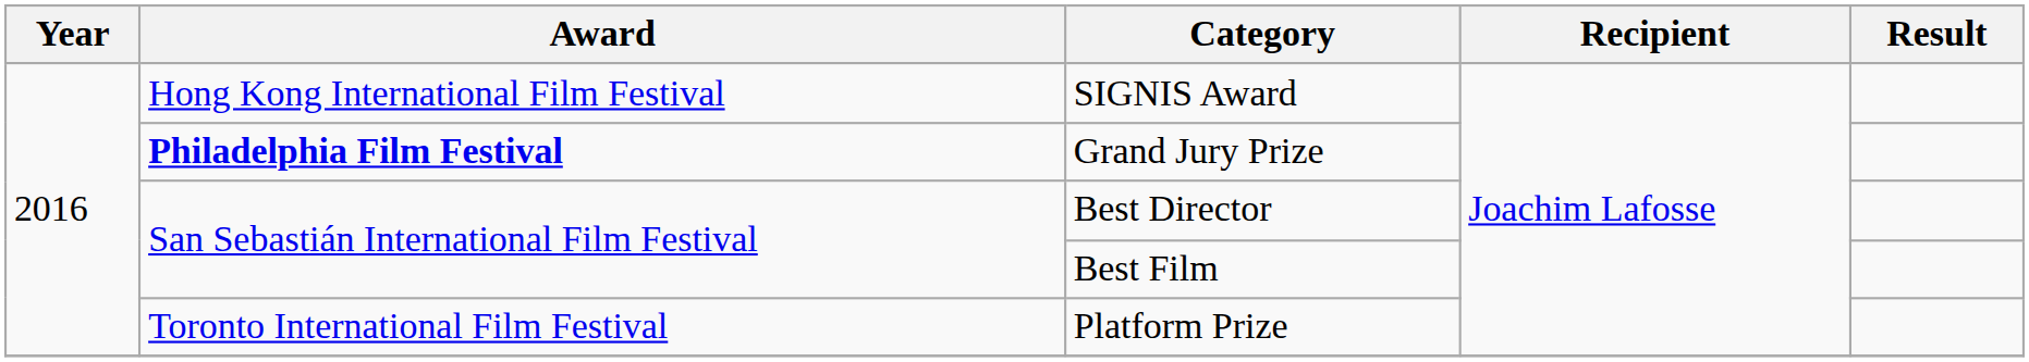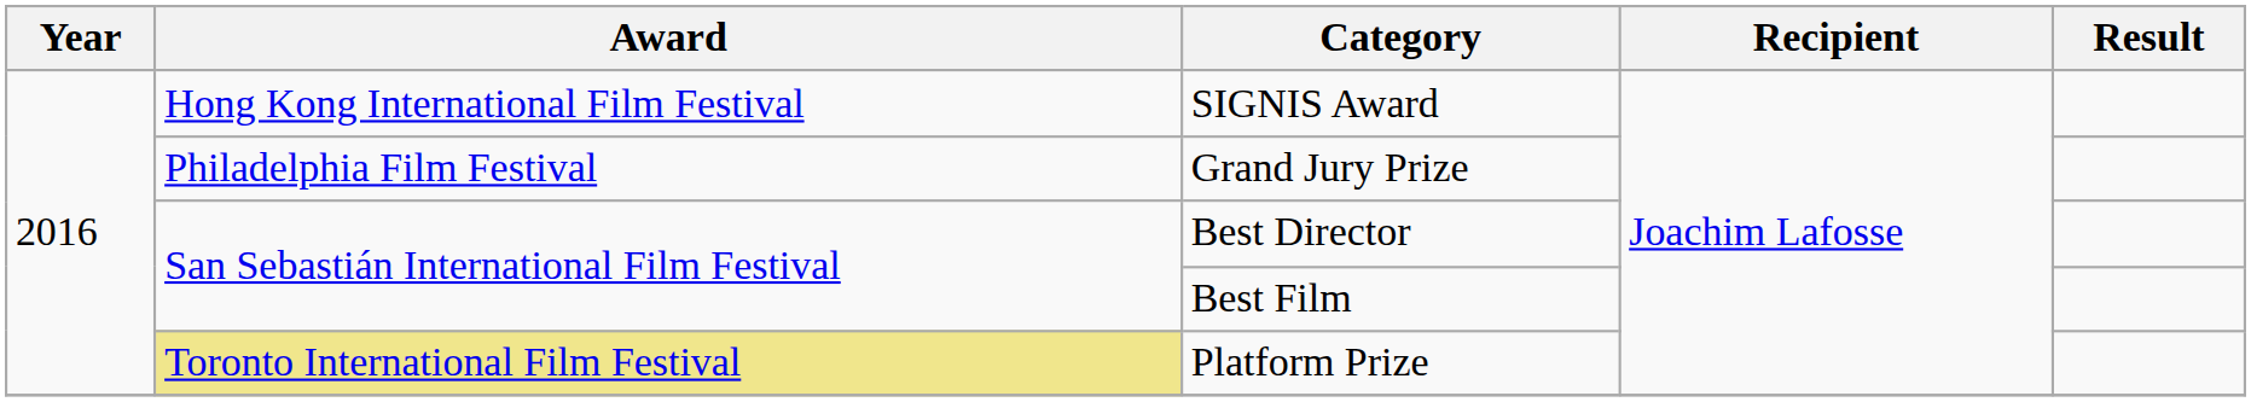 <table class="wikitable" style="width:99%;">
 <tr>
 <th>Year</th>
 <th>Award</th>
 <th>Category</th>
 <th>Recipient</th>
 <th>Result</th>
 </tr>
 <tr>
 <td rowspan=5>2016</td>
 <td><a href='#'>Hong Kong International Film Festival</a></td>
 <td>SIGNIS Award</td>
 <td rowspan=5><a href='#'>Joachim Lafosse</a></td>
 <td></td>
 </tr>
 <tr>
-<td><strong><a href='#'>Philadelphia Film Festival</a></strong></td>
+<td><a href='#'>Philadelphia Film Festival</a></td>
 <td>Grand Jury Prize</td>
 <td></td>
 </tr>
 <tr>
 <td rowspan=2><a href='#'>San Sebastián International Film Festival</a></td>
 <td>Best Director</td>
 <td></td>
 </tr>
 <tr>
 <td>Best Film</td>
 <td></td>
 </tr>
 <tr>
-<td><a href='#'>Toronto International Film Festival</a></td>
+<td style="background: khaki;"><a href='#'>Toronto International Film Festival</a></td>
 <td>Platform Prize</td>
 <td></td>
 </tr>
 <tr>
 </tr>
 </table>
